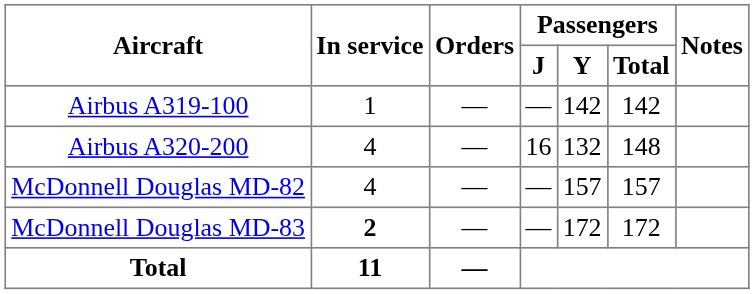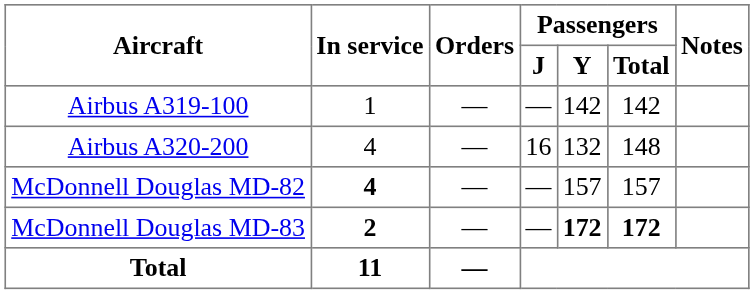 <table class="toccolours" border="1" cellpadding="3" style="border-collapse:collapse;text-align:center;margin:auto;">
 <tr>
 <th rowspan="2">Aircraft</th>
 <th rowspan="2">In service</th>
 <th rowspan="2">Orders</th>
 <th colspan="3">Passengers</th>
 <th rowspan="2">Notes</th>
 </tr>
 <tr>
 <th><abbr>J</abbr></th>
 <th><abbr>Y</abbr></th>
 <th>Total</th>
 </tr>
 <tr>
 <td><a href='#'>Airbus A319-100</a></td>
 <td>1</td>
 <td>—</td>
 <td>—</td>
 <td>142</td>
 <td>142</td>
 <td></td>
 </tr>
 <tr>
 <td><a href='#'>Airbus A320-200</a></td>
 <td>4</td>
 <td>—</td>
 <td>16</td>
 <td>132</td>
 <td>148</td>
 <td></td>
 </tr>
 <tr>
 <td><a href='#'>McDonnell Douglas MD-82</a></td>
-<td>4</td>
+<td><strong>4</strong></td>
 <td>—</td>
 <td>—</td>
 <td>157</td>
 <td>157</td>
 <td></td>
 </tr>
 <tr>
 <td><a href='#'>McDonnell Douglas MD-83</a></td>
 <td><strong>2</strong></td>
 <td>—</td>
 <td>—</td>
-<td>172</td>
-<td>172</td>
+<td><strong>172</strong></td>
+<td><strong>172</strong></td>
 <td></td>
 </tr>
 <tr>
 <th>Total</th>
 <th>11</th>
 <th>—</th>
 <th colspan="4"></th>
 </tr>
 </table>
